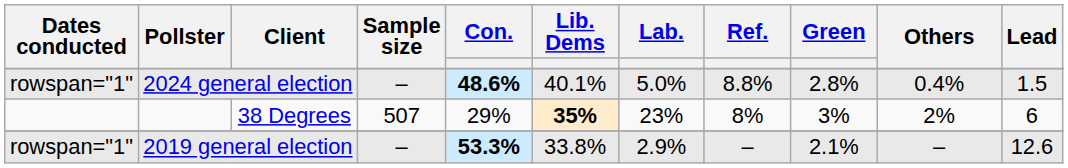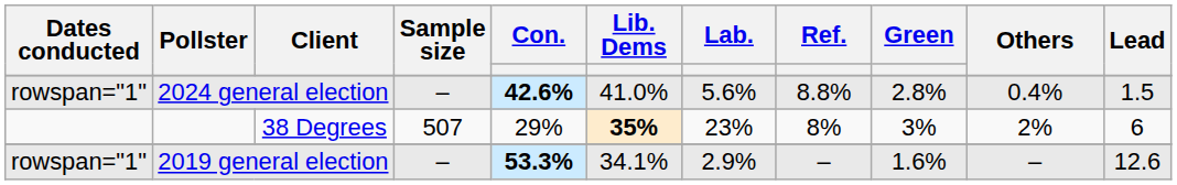 <table class="wikitable sortable mw-datatable" style="text-align:center; font-size:90%; line-height:14px;">
 <tr>
 <th rowspan="2">Dates <br>conducted</th>
 <th rowspan="2">Pollster</th>
 <th rowspan="2">Client</th>
 <th rowspan="2" data-sort-type="number">Sample <br>size</th>
 <th class="unsortable" style="width:50px;"><a href='#'>Con.</a></th>
 <th class="unsortable" style="width:50px;"><a href='#'>Lib. Dems</a></th>
 <th class="unsortable" style="width:50px;"><a href='#'>Lab.</a></th>
 <th class="unsortable" style="width:50px;"><a href='#'>Ref.</a></th>
 <th class="unsortable" style="width:50px;"><a href='#'>Green</a></th>
 <th rowspan="2" class="unsortable" style="width:75px;">Others</th>
 <th rowspan="2" data-sort-type="number">Lead</th>
 </tr>
 <tr>
 <th data-sort-type="number" style="background:"></th>
 <th data-sort-type="number" style="background:"></th>
 <th data-sort-type="number" style="background:"></th>
 <th data-sort-type="number" style="background:"></th>
 <th data-sort-type="number" style="background:"></th>
 </tr>
 <tr style="background:#e9e9e9;">
 </tr>
 <tr>
 </tr>
 <tr style="background:#e9e9e9;">
 <td>rowspan="1" </td>
 <td colspan="2" rowspan="1"><a href='#'>2024 general election</a></td>
 <td>–</td>
-<td style="background:#CCEBFF;"><strong>48.6%</strong></td>
-<td>40.1%</td>
-<td>5.0%</td>
+<td style="background:#CCEBFF;"><strong>42.6%</strong></td>
+<td>41.0%</td>
+<td>5.6%</td>
 <td>8.8%</td>
 <td>2.8%</td>
 <td>0.4%</td>
 <td style="background:">1.5</td>
 </tr>
 <tr>
 <td></td>
 <td></td>
 <td><a href='#'>38 Degrees</a></td>
 <td>507</td>
 <td>29%</td>
 <td style="background:#FEECCD;"><strong>35%</strong></td>
 <td>23%</td>
 <td>8%</td>
 <td>3%</td>
 <td>2%</td>
 <td style="background:">6</td>
 </tr>
 <tr style="background:#e9e9e9;">
 </tr>
 <tr>
 </tr>
 <tr style="background:#e9e9e9;">
 <td>rowspan="1" </td>
 <td colspan="2" rowspan="1"><a href='#'>2019 general election</a></td>
 <td>–</td>
 <td style="background:#CCEBFF;"><strong>53.3%</strong></td>
-<td>33.8%</td>
+<td>34.1%</td>
 <td>2.9%</td>
 <td>–</td>
-<td>2.1%</td>
+<td>1.6%</td>
 <td>–</td>
 <td style="background:">12.6</td>
 </tr>
 </table>
